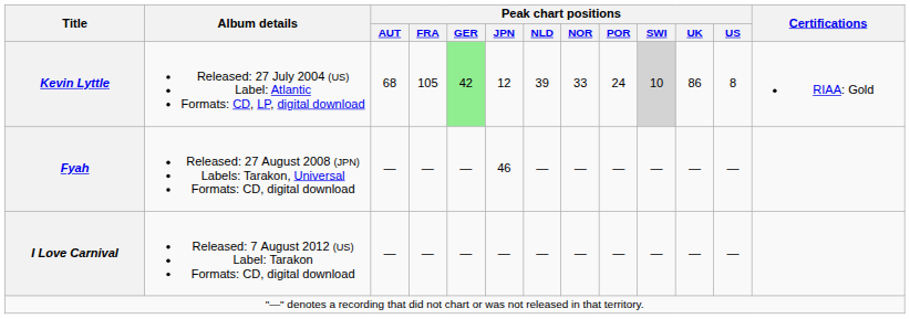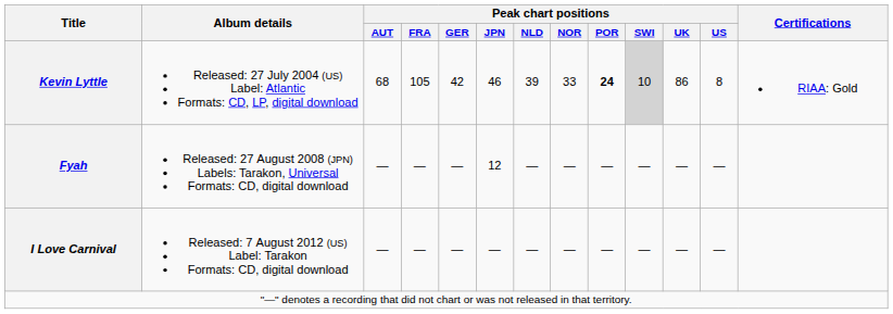 <table class="wikitable plainrowheaders" style="text-align:center;" border="1">
 <tr>
 <th scope="col" rowspan="2" style="width:11em;">Title</th>
 <th scope="col" rowspan="2" style="width:18em;">Album details</th>
 <th scope="col" colspan="10">Peak chart positions</th>
 <th scope="col" rowspan="2" style="width:12em;"><a href='#'>Certifications</a></th>
 </tr>
 <tr>
 <th scope="col" style="width:3em;font-size:90%;"><a href='#'>AUT</a><br></th>
 <th scope="col" style="width:3em;font-size:90%;"><a href='#'>FRA</a><br></th>
 <th scope="col" style="width:3em;font-size:90%;"><a href='#'>GER</a><br></th>
 <th scope="col" style="width:3em;font-size:90%;"><a href='#'>JPN</a><br></th>
 <th scope="col" style="width:3em;font-size:90%;"><a href='#'>NLD</a><br></th>
 <th scope="col" style="width:3em;font-size:90%;"><a href='#'>NOR</a><br></th>
 <th scope="col" style="width:3em;font-size:90%;"><a href='#'>POR</a><br></th>
 <th scope="col" style="width:3em;font-size:90%;"><a href='#'>SWI</a><br></th>
 <th scope="col" style="width:3em;font-size:90%;"><a href='#'>UK</a><br></th>
 <th scope="col" style="width:3em;font-size:90%;"><a href='#'>US</a><br></th>
 </tr>
 <tr>
 <th scope="row"><em><a href='#'>Kevin Lyttle</a></em></th>
 <td><br><ul><li>Released: 27 July 2004 <small>(US)</small></li><li>Label: <a href='#'>Atlantic</a></li><li>Formats: <a href='#'>CD</a>, <a href='#'>LP</a>, <a href='#'>digital download</a></li></ul></td>
 <td>68</td>
 <td>105</td>
-<td style="background: lightgreen;">42</td>
-<td>12</td>
+<td>42</td>
+<td>46</td>
 <td>39</td>
 <td>33</td>
-<td>24</td>
+<td><strong>24</strong></td>
 <td style="background: lightgrey;">10</td>
 <td>86</td>
 <td>8</td>
 <td><br><ul><li><a href='#'>RIAA</a>: Gold</li></ul></td>
 </tr>
 <tr>
 <th scope="row"><em><a href='#'>Fyah</a></em></th>
 <td><br><ul><li>Released: 27 August 2008 <small>(JPN)</small></li><li>Labels: Tarakon, <a href='#'>Universal</a></li><li>Formats: CD, digital download</li></ul></td>
 <td>—</td>
 <td>—</td>
 <td>—</td>
-<td>46</td>
+<td>12</td>
 <td>—</td>
 <td>—</td>
 <td>—</td>
 <td>—</td>
 <td>—</td>
 <td>—</td>
 <td></td>
 </tr>
 <tr>
 <th scope="row"><em>I Love Carnival</em></th>
 <td><br><ul><li>Released: 7 August 2012 <small>(US)</small></li><li>Label: Tarakon</li><li>Formats: CD, digital download</li></ul></td>
 <td>—</td>
 <td>—</td>
 <td>—</td>
 <td>—</td>
 <td>—</td>
 <td>—</td>
 <td>—</td>
 <td>—</td>
 <td>—</td>
 <td>—</td>
 <td></td>
 </tr>
 <tr>
 <td colspan="15" style="font-size:90%">"—" denotes a recording that did not chart or was not released in that territory.</td>
 </tr>
 </table>
